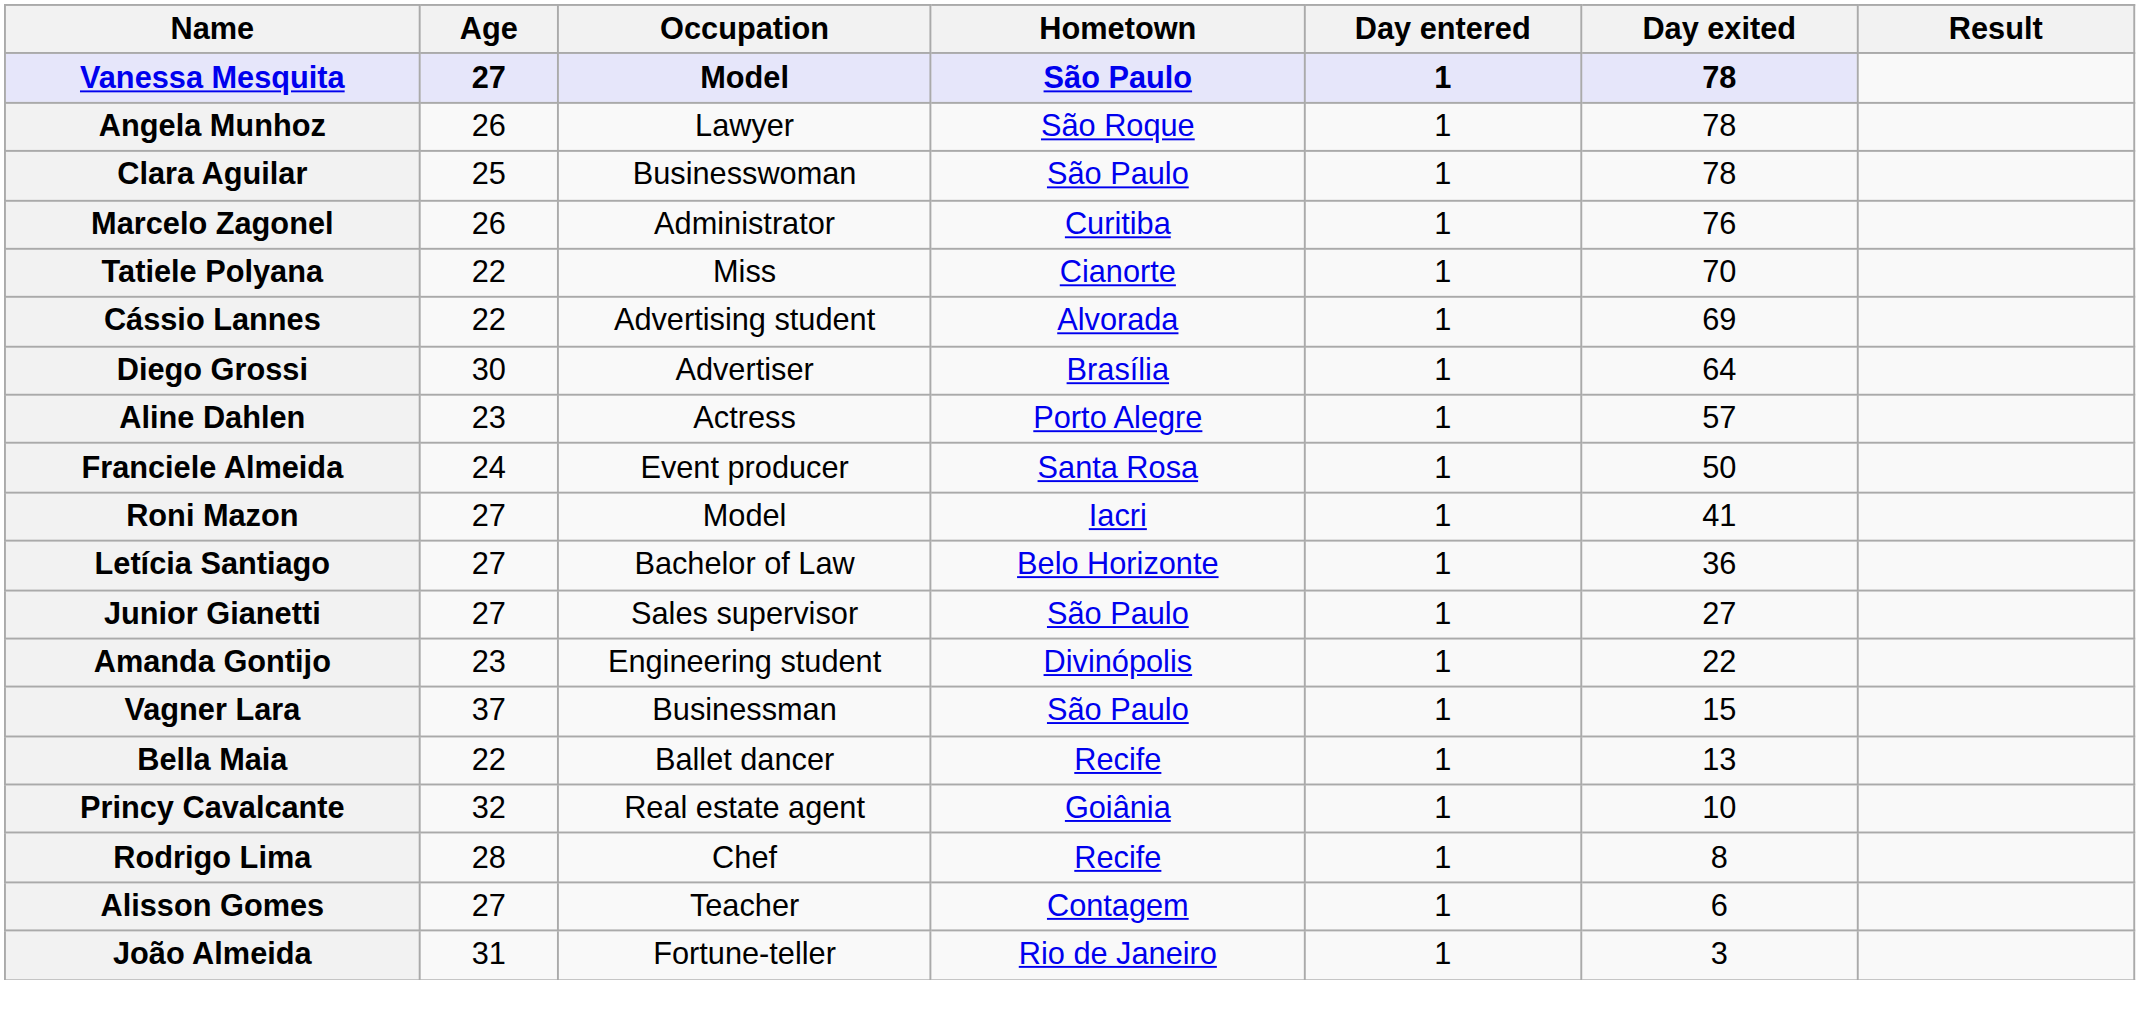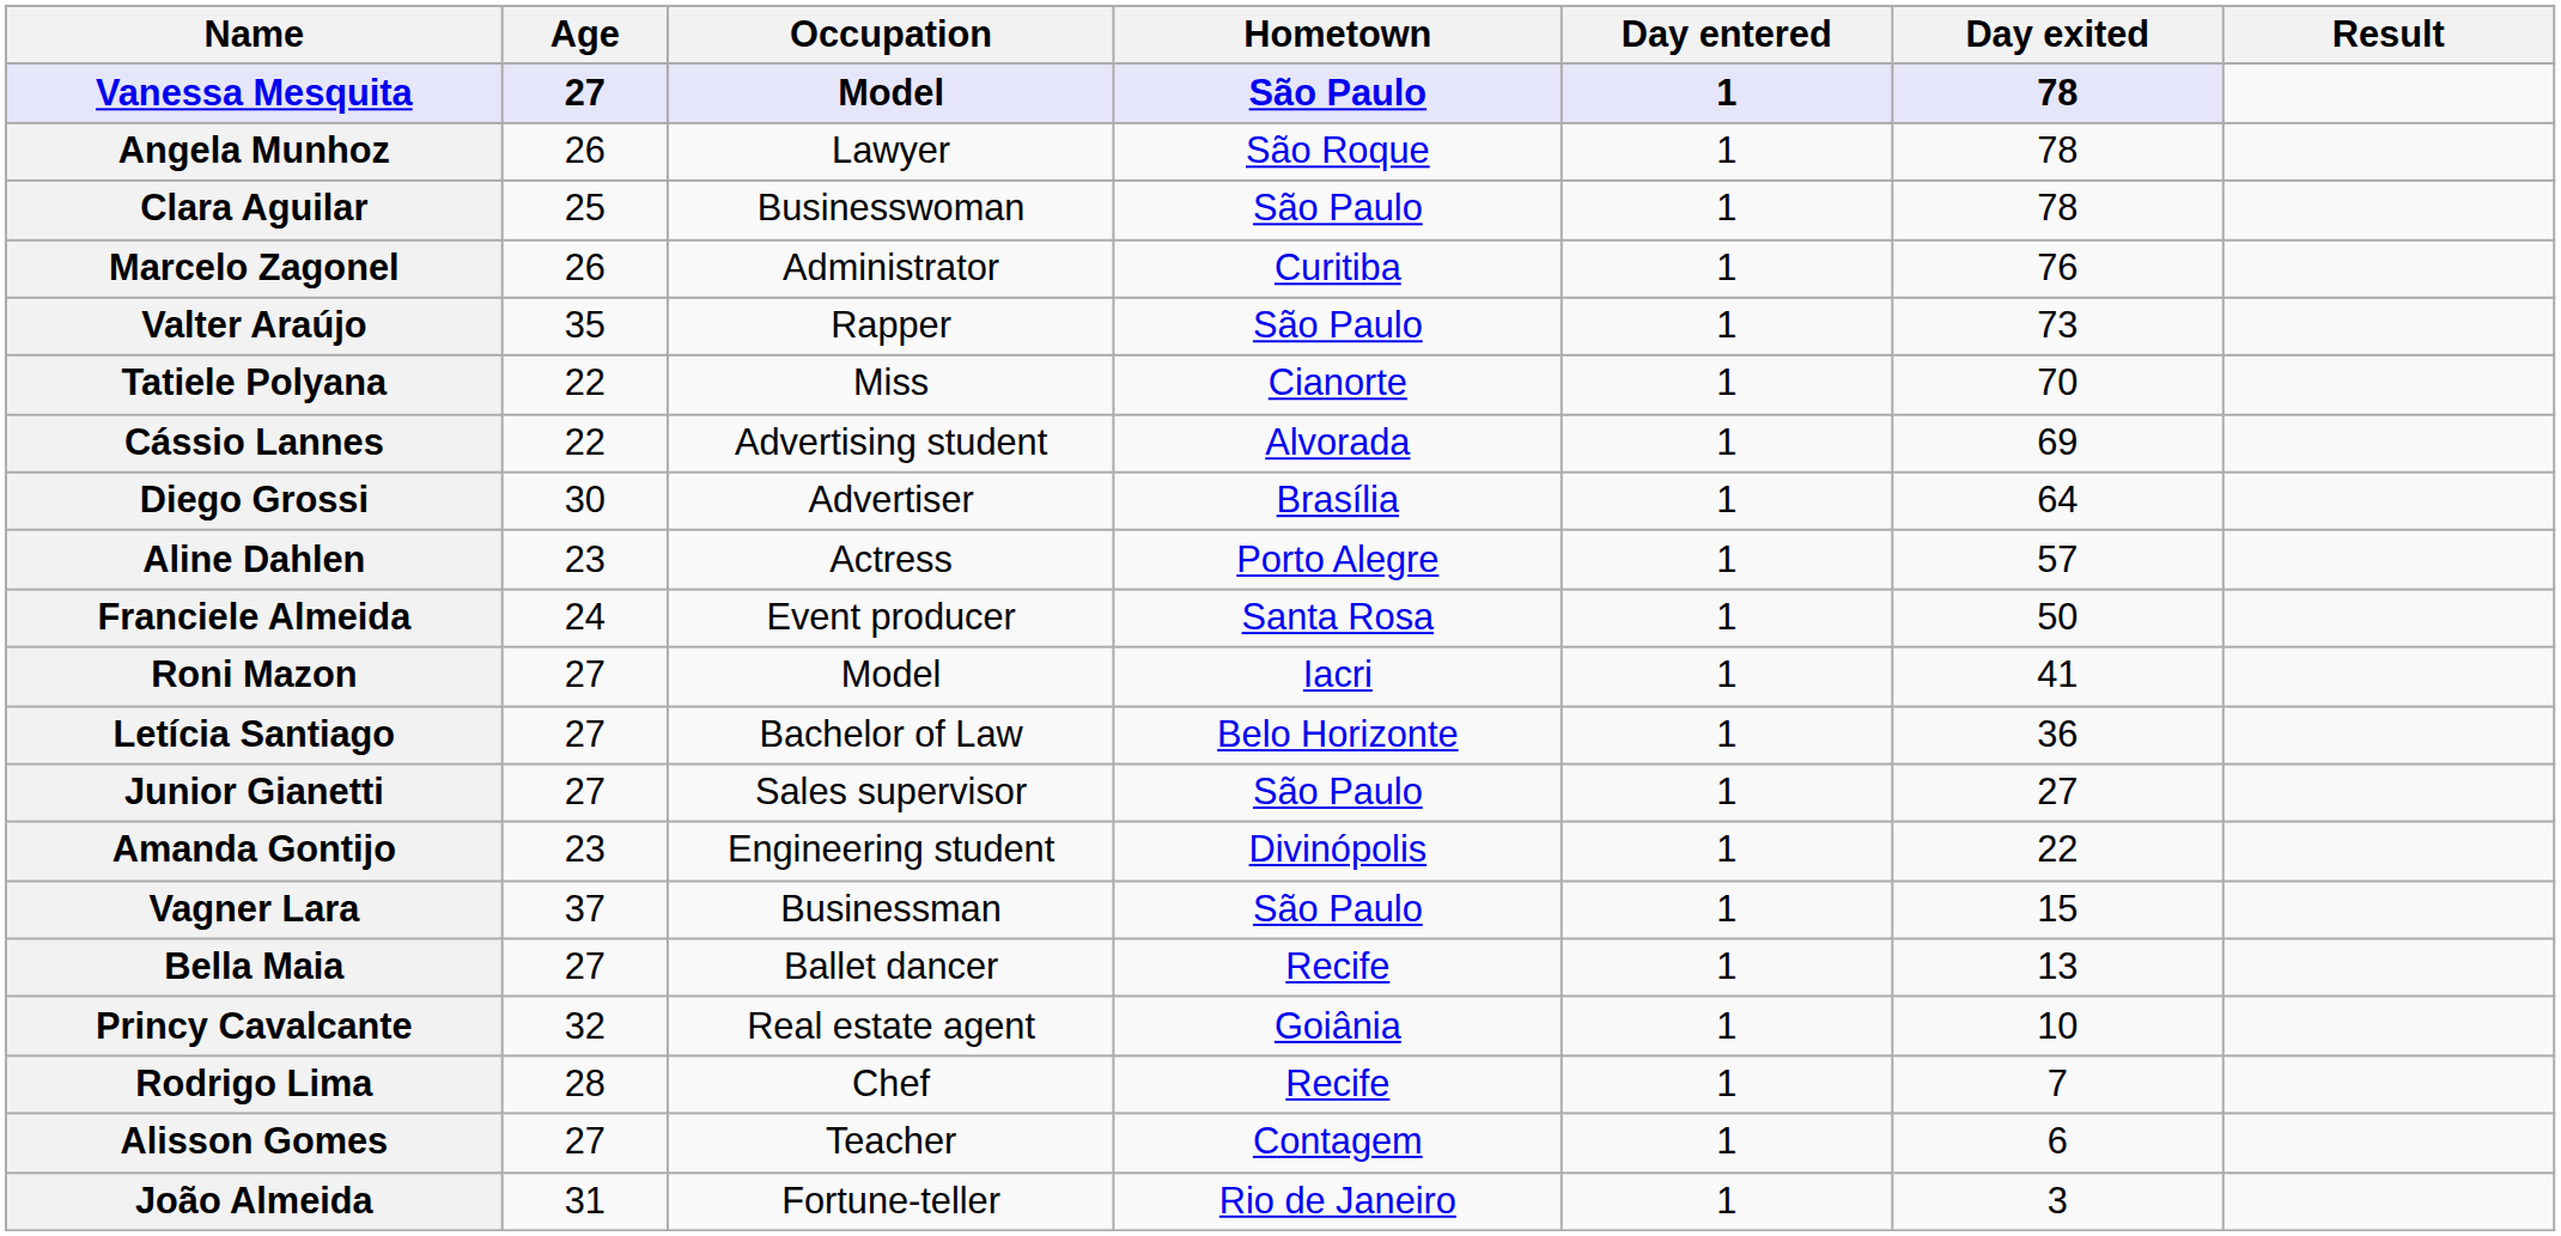 <table class="wikitable sortable" style="text-align:center;">
 <tr>
 <th scope="col" width="15.0%">Name</th>
 <th scope="col" width="05.0%">Age</th>
 <th scope="col" width="13.5%">Occupation</th>
 <th scope="col" width="13.5%">Hometown</th>
 <th scope="col" width="10.0%">Day entered</th>
 <th scope="col" width="10.0%">Day exited</th>
 <th scope="col" width="10.0%">Result</th>
 </tr>
 <tr>
 <td bgcolor="E6E6FA"><strong><a href='#'>Vanessa Mesquita</a></strong></td>
 <td bgcolor="E6E6FA"><strong>27</strong></td>
 <td bgcolor="E6E6FA"><strong>Model</strong></td>
 <td bgcolor="E6E6FA"><strong><a href='#'>São Paulo</a></strong></td>
 <td bgcolor="E6E6FA"><strong>1</strong></td>
 <td bgcolor="E6E6FA"><strong>78</strong></td>
 <td></td>
 </tr>
 <tr>
 <th>Angela Munhoz</th>
 <td>26</td>
 <td>Lawyer</td>
 <td><a href='#'>São Roque</a></td>
 <td>1</td>
 <td>78</td>
 <td></td>
 </tr>
 <tr>
 <th>Clara Aguilar</th>
 <td>25</td>
 <td>Businesswoman</td>
 <td><a href='#'>São Paulo</a></td>
 <td>1</td>
 <td>78</td>
 <td></td>
 </tr>
 <tr>
 <th>Marcelo Zagonel</th>
 <td>26</td>
 <td>Administrator</td>
 <td><a href='#'>Curitiba</a></td>
 <td>1</td>
 <td>76</td>
+<td></td>
+</tr>
+<tr>
+<th>Valter Araújo</th>
+<td>35</td>
+<td>Rapper</td>
+<td><a href='#'>São Paulo</a></td>
+<td>1</td>
+<td>73</td>
 <td></td>
 </tr>
 <tr>
 <th>Tatiele Polyana</th>
 <td>22</td>
 <td>Miss</td>
 <td><a href='#'>Cianorte</a></td>
 <td>1</td>
 <td>70</td>
 <td></td>
 </tr>
 <tr>
 <th>Cássio Lannes</th>
 <td>22</td>
 <td>Advertising student</td>
 <td><a href='#'>Alvorada</a></td>
 <td>1</td>
 <td>69</td>
 <td></td>
 </tr>
 <tr>
 <th>Diego Grossi</th>
 <td>30</td>
 <td>Advertiser</td>
 <td><a href='#'>Brasília</a></td>
 <td>1</td>
 <td>64</td>
 <td></td>
 </tr>
 <tr>
 <th>Aline Dahlen</th>
 <td>23</td>
 <td>Actress</td>
 <td><a href='#'>Porto Alegre</a></td>
 <td>1</td>
 <td>57</td>
 <td></td>
 </tr>
 <tr>
 <th>Franciele Almeida</th>
 <td>24</td>
 <td>Event producer</td>
 <td><a href='#'>Santa Rosa</a></td>
 <td>1</td>
 <td>50</td>
 <td></td>
 </tr>
 <tr>
 <th>Roni Mazon</th>
 <td>27</td>
 <td>Model</td>
 <td><a href='#'>Iacri</a></td>
 <td>1</td>
 <td>41</td>
 <td></td>
 </tr>
 <tr>
 <th>Letícia Santiago</th>
 <td>27</td>
 <td>Bachelor of Law</td>
 <td><a href='#'>Belo Horizonte</a></td>
 <td>1</td>
 <td>36</td>
 <td></td>
 </tr>
 <tr>
 <th>Junior Gianetti</th>
 <td>27</td>
 <td>Sales supervisor</td>
 <td><a href='#'>São Paulo</a></td>
 <td>1</td>
 <td>27</td>
 <td></td>
 </tr>
 <tr>
 <th>Amanda Gontijo</th>
 <td>23</td>
 <td>Engineering student</td>
 <td><a href='#'>Divinópolis</a></td>
 <td>1</td>
 <td>22</td>
 <td></td>
 </tr>
 <tr>
 <th>Vagner Lara</th>
 <td>37</td>
 <td>Businessman</td>
 <td><a href='#'>São Paulo</a></td>
 <td>1</td>
 <td>15</td>
 <td></td>
 </tr>
 <tr>
 <th>Bella Maia</th>
-<td>22</td>
+<td>27</td>
 <td>Ballet dancer</td>
 <td><a href='#'>Recife</a></td>
 <td>1</td>
 <td>13</td>
 <td></td>
 </tr>
 <tr>
 <th>Princy Cavalcante</th>
 <td>32</td>
 <td>Real estate agent</td>
 <td><a href='#'>Goiânia</a></td>
 <td>1</td>
 <td>10</td>
 <td></td>
 </tr>
 <tr>
 <th>Rodrigo Lima</th>
 <td>28</td>
 <td>Chef</td>
 <td><a href='#'>Recife</a></td>
 <td>1</td>
-<td>8</td>
+<td>7</td>
 <td></td>
 </tr>
 <tr>
 <th>Alisson Gomes</th>
 <td>27</td>
 <td>Teacher</td>
 <td><a href='#'>Contagem</a></td>
 <td>1</td>
 <td>6</td>
 <td></td>
 </tr>
 <tr>
 <th>João Almeida</th>
 <td>31</td>
 <td>Fortune-teller</td>
 <td><a href='#'>Rio de Janeiro</a></td>
 <td>1</td>
 <td>3</td>
 <td></td>
 </tr>
 </table>
